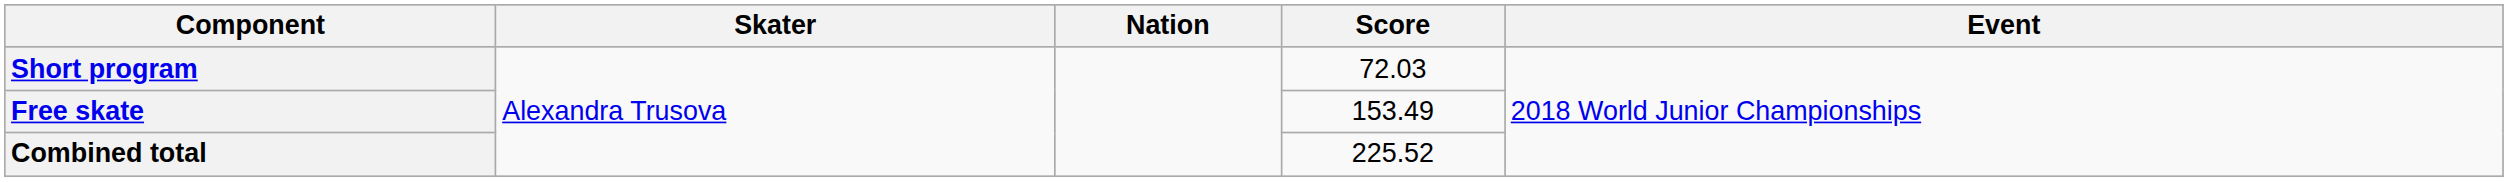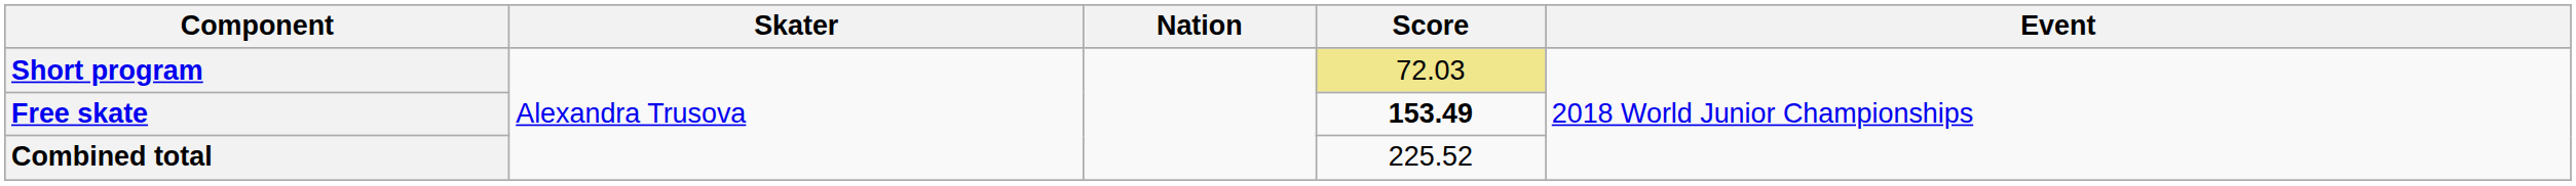 <table class="wikitable unsortable" style="text-align:left; width:75%">
 <tr>
 <th scope="col">Component</th>
 <th scope="col">Skater</th>
 <th scope="col">Nation</th>
 <th scope="col">Score</th>
 <th scope="col">Event</th>
 </tr>
 <tr>
 <th scope="row" style="text-align:left"><a href='#'>Short program</a></th>
 <td rowspan="3"><a href='#'>Alexandra Trusova</a></td>
 <td rowspan="3"></td>
-<td style="text-align:center">72.03</td>
+<td style="background: khaki; text-align:center">72.03</td>
 <td rowspan="3"><a href='#'>2018 World Junior Championships</a></td>
 </tr>
 <tr>
 <th scope="row" style="text-align:left"><a href='#'>Free skate</a></th>
-<td style="text-align:center">153.49</td>
+<td style="text-align:center"><strong>153.49</strong></td>
 </tr>
 <tr>
 <th scope="row" style="text-align:left">Combined total</th>
 <td style="text-align:center">225.52</td>
 </tr>
 </table>
